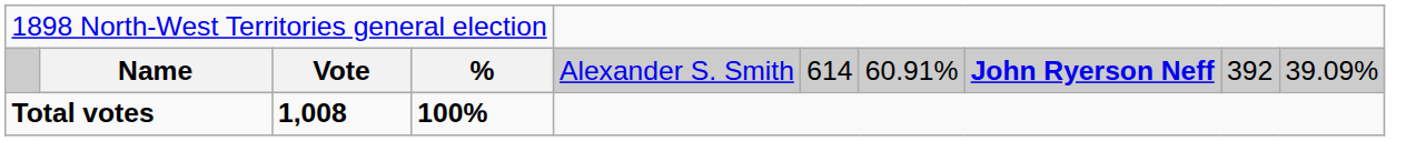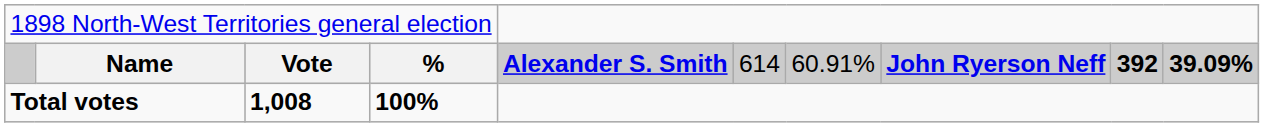 <table class="wikitable">
 <tr>
 <td colspan=4 align=center><a href='#'>1898 North-West Territories general election</a></td>
 </tr>
 <tr bgcolor="CCCCCC">
 <td></td>
 <th>Name</th>
 <th>Vote</th>
 <th>%<br></th>
-<td><a href='#'>Alexander S. Smith</a></td>
+<td><strong><a href='#'>Alexander S. Smith</a></strong></td>
 <td>614</td>
 <td>60.91%<br></td>
 <td><strong><a href='#'>John Ryerson Neff</a></strong></td>
-<td>392</td>
-<td>39.09%</td>
+<td><strong>392</strong></td>
+<td><strong>39.09%</strong></td>
 </tr>
 <tr>
 <td colspan=2><strong>Total votes</strong></td>
 <td><strong>1,008</strong></td>
 <td alignment="left"><strong>100%</strong></td>
 </tr>
 </table>
